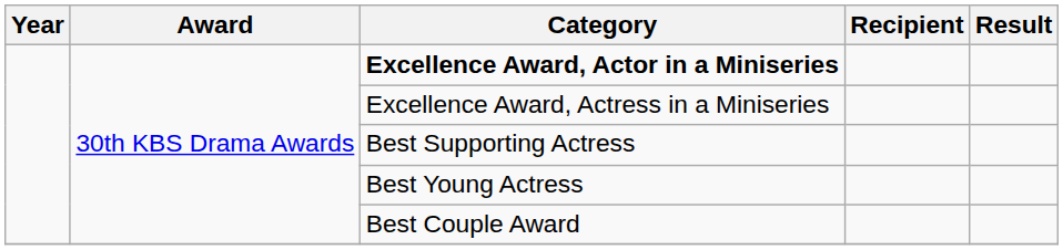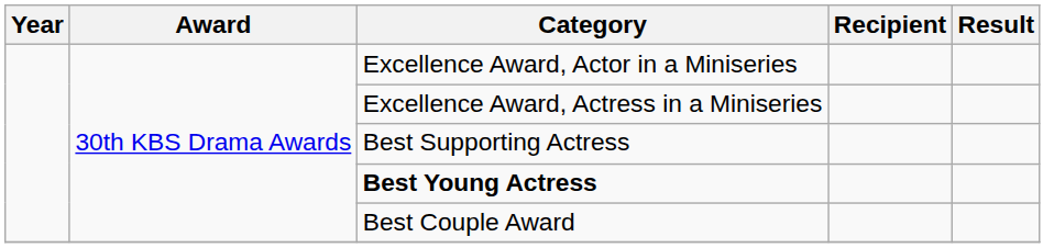 <table class="wikitable">
 <tr>
 <th>Year</th>
 <th>Award</th>
 <th>Category</th>
 <th>Recipient</th>
 <th>Result</th>
 </tr>
 <tr>
 <td rowspan="5"></td>
 <td rowspan="5"><a href='#'>30th KBS Drama Awards</a></td>
-<td><strong>Excellence Award, Actor in a Miniseries</strong></td>
+<td>Excellence Award, Actor in a Miniseries</td>
 <td></td>
 <td></td>
 </tr>
 <tr>
 <td>Excellence Award, Actress in a Miniseries</td>
 <td></td>
 <td></td>
 </tr>
 <tr>
 <td>Best Supporting Actress</td>
 <td></td>
 <td></td>
 </tr>
 <tr>
-<td>Best Young Actress</td>
+<td><strong>Best Young Actress</strong></td>
 <td></td>
 <td></td>
 </tr>
 <tr>
 <td>Best Couple Award</td>
 <td></td>
 <td></td>
 </tr>
 <tr>
 </tr>
 </table>
